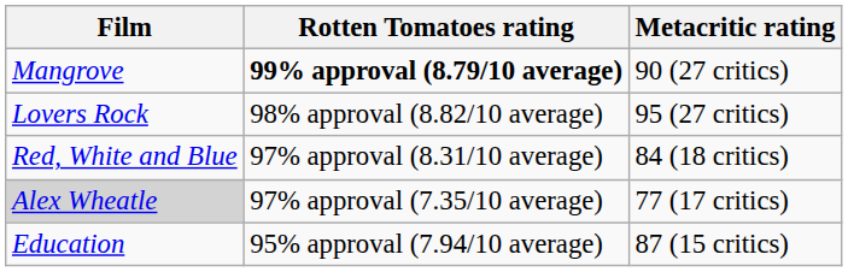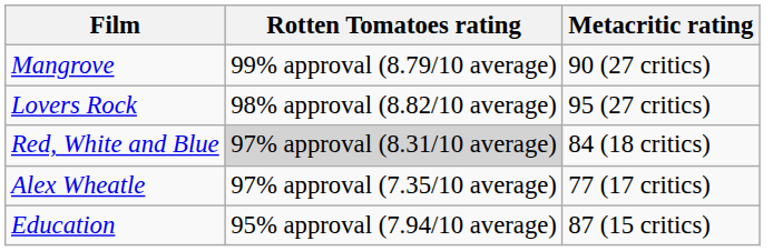 <table class="wikitable sortable">
 <tr>
 <th scope="col">Film</th>
 <th scope="col">Rotten Tomatoes rating</th>
 <th scope="col">Metacritic rating</th>
 </tr>
 <tr>
 <td><em><a href='#'>Mangrove</a></em></td>
-<td><strong>99% approval (8.79/10 average)</strong></td>
+<td>99% approval (8.79/10 average)</td>
 <td>90 (27 critics)</td>
 </tr>
 <tr>
 <td><em><a href='#'>Lovers Rock</a></em></td>
 <td>98% approval (8.82/10 average)</td>
 <td>95 (27 critics)</td>
 </tr>
 <tr>
 <td><em><a href='#'>Red, White and Blue</a></em></td>
-<td>97% approval (8.31/10 average)</td>
+<td style="background: lightgrey;">97% approval (8.31/10 average)</td>
 <td>84 (18 critics)</td>
 </tr>
 <tr>
-<td style="background: lightgrey;"><em><a href='#'>Alex Wheatle</a></em></td>
+<td><em><a href='#'>Alex Wheatle</a></em></td>
 <td>97% approval (7.35/10 average)</td>
 <td>77 (17 critics)</td>
 </tr>
 <tr>
 <td><em><a href='#'>Education</a></em></td>
 <td>95% approval (7.94/10 average)</td>
 <td>87 (15 critics)</td>
 </tr>
 </table>
